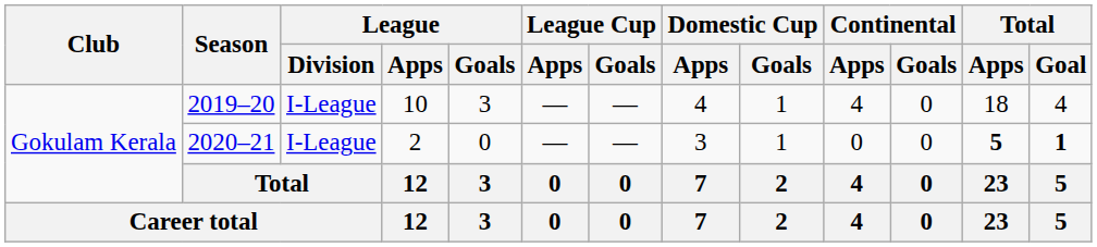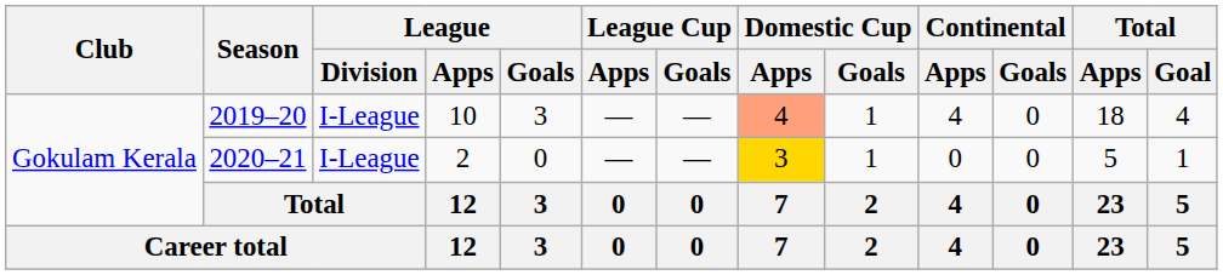 <table class="wikitable" style="text-align: center;">
 <tr>
 <th rowspan="2">Club</th>
 <th rowspan="2">Season</th>
 <th colspan="3">League</th>
 <th colspan="2">League Cup</th>
 <th colspan="2">Domestic Cup</th>
 <th colspan="2">Continental</th>
 <th colspan="2">Total</th>
 </tr>
 <tr>
 <th>Division</th>
 <th>Apps</th>
 <th>Goals</th>
 <th>Apps</th>
 <th>Goals</th>
 <th>Apps</th>
 <th>Goals</th>
 <th>Apps</th>
 <th>Goals</th>
 <th>Apps</th>
 <th>Goal</th>
 </tr>
 <tr>
 <td rowspan="3"><a href='#'>Gokulam Kerala</a></td>
 <td><a href='#'>2019–20</a></td>
 <td><a href='#'>I-League</a></td>
 <td>10</td>
 <td>3</td>
 <td>—</td>
 <td>—</td>
-<td>4</td>
+<td style="background: lightsalmon;">4</td>
 <td>1</td>
 <td>4</td>
 <td>0</td>
 <td>18</td>
 <td>4</td>
 </tr>
 <tr>
 <td><a href='#'>2020–21</a></td>
 <td><a href='#'>I-League</a></td>
 <td>2</td>
 <td>0</td>
 <td>—</td>
 <td>—</td>
-<td>3</td>
+<td style="background: gold;">3</td>
 <td>1</td>
 <td>0</td>
 <td>0</td>
-<td><strong>5</strong></td>
-<td><strong>1</strong></td>
+<td>5</td>
+<td>1</td>
 </tr>
 <tr>
 <th colspan="2">Total</th>
 <th>12</th>
 <th>3</th>
 <th>0</th>
 <th>0</th>
 <th>7</th>
 <th>2</th>
 <th>4</th>
 <th>0</th>
 <th>23</th>
 <th>5</th>
 </tr>
 <tr>
 <th colspan="3">Career total</th>
 <th>12</th>
 <th>3</th>
 <th>0</th>
 <th>0</th>
 <th>7</th>
 <th>2</th>
 <th>4</th>
 <th>0</th>
 <th>23</th>
 <th>5</th>
 </tr>
 </table>
